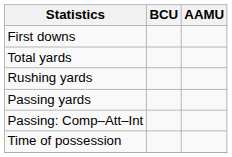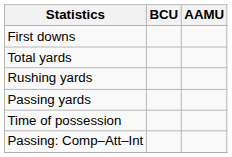 <table class="wikitable" style="float: left;">
 <tr>
 <th>Statistics</th>
 <th>BCU</th>
 <th>AAMU</th>
 </tr>
 <tr>
 <td>First downs</td>
 <td></td>
 <td></td>
 </tr>
 <tr>
 <td>Total yards</td>
 <td></td>
 <td></td>
 </tr>
 <tr>
 <td>Rushing yards</td>
 <td></td>
 <td></td>
 </tr>
 <tr>
 <td>Passing yards</td>
 <td></td>
 <td></td>
 </tr>
 <tr>
-<td>Passing: Comp–Att–Int</td>
+<td>Time of possession</td>
 <td></td>
 <td></td>
 </tr>
 <tr>
-<td>Time of possession</td>
+<td>Passing: Comp–Att–Int</td>
 <td></td>
 <td></td>
 </tr>
 <tr>
 </tr>
 </table>
